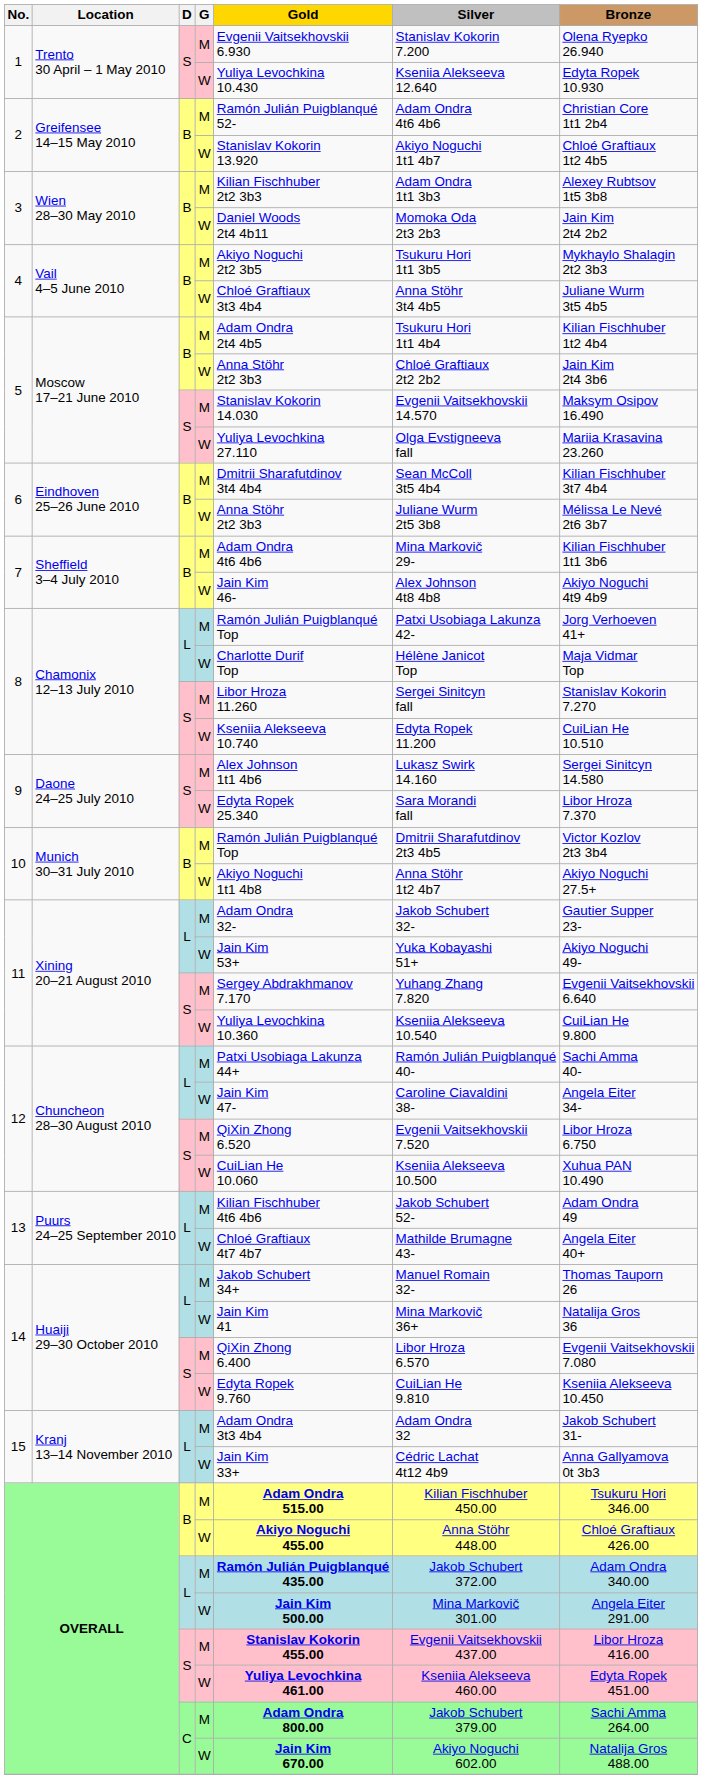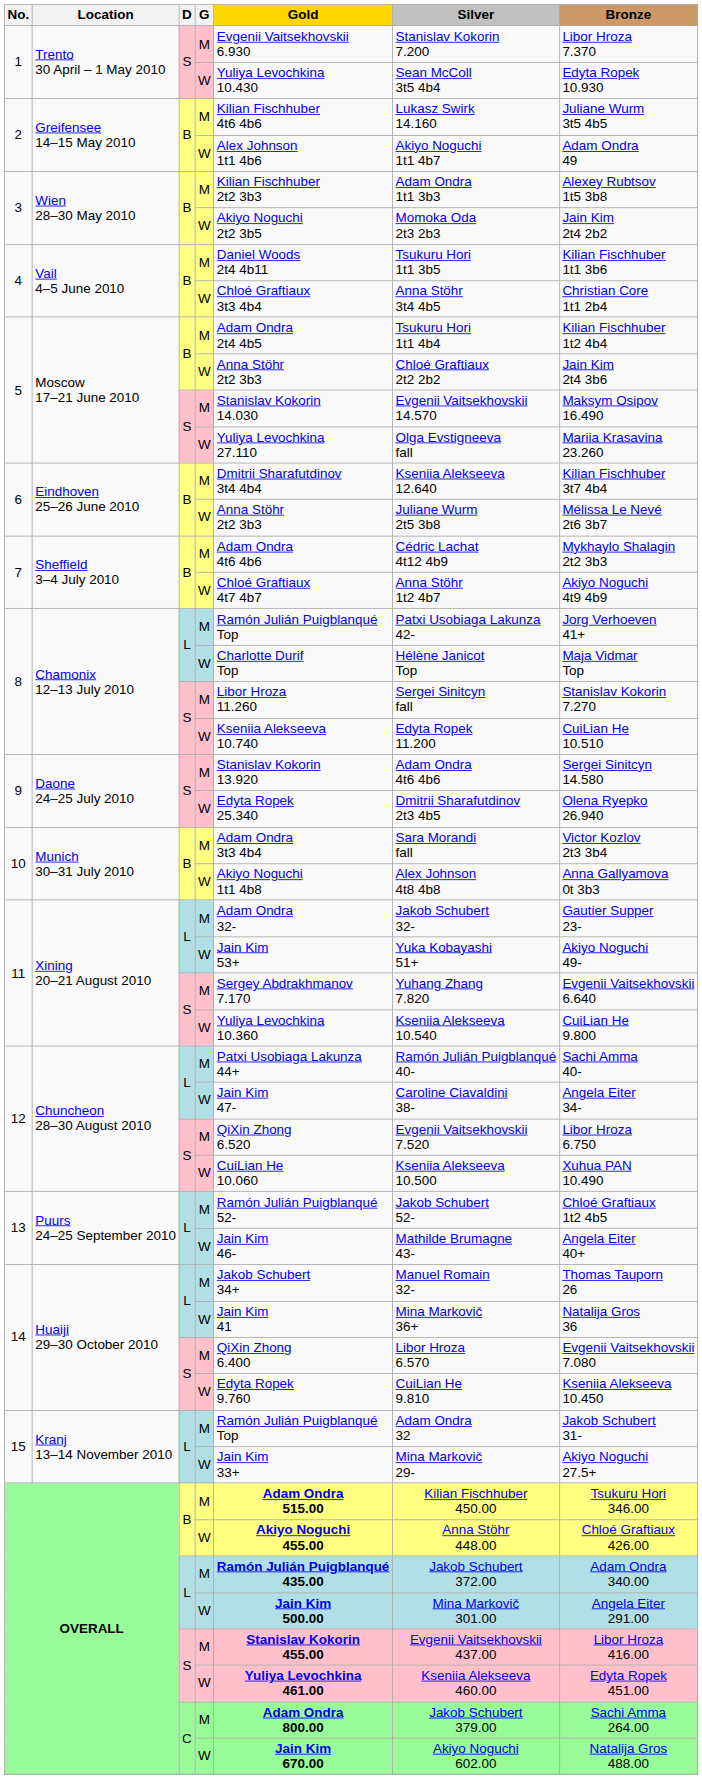 <table class="wikitable sortable">
 <tr>
 <th>No.</th>
 <th>Location</th>
 <th>D</th>
 <th>G</th>
 <th style="background: gold">Gold</th>
 <th style="background: silver">Silver</th>
 <th style="background: #cc9966">Bronze</th>
 </tr>
 <tr>
 <td rowspan=2 align="center">1</td>
 <td rowspan=2> <a href='#'>Trento</a> <br> 30 April – 1 May 2010</td>
 <td rowspan=2 align="center" style="background: Pink">S</td>
 <td align="center" style="background: Pink">M</td>
 <td> <a href='#'>Evgenii Vaitsekhovskii</a> <br> 6.930</td>
 <td> <a href='#'>Stanislav Kokorin</a> <br> 7.200</td>
-<td> <a href='#'>Olena Ryepko</a> <br> 26.940</td>
+<td> <a href='#'>Libor Hroza</a> <br> 7.370</td>
 </tr>
 <tr>
 <td align="center" style="background: Pink">W</td>
 <td> <a href='#'>Yuliya Levochkina</a> <br> 10.430</td>
-<td> <a href='#'>Kseniia Alekseeva</a> <br> 12.640</td>
+<td> <a href='#'>Sean McColl</a> <br> 3t5 4b4</td>
 <td> <a href='#'>Edyta Ropek</a> <br> 10.930</td>
 </tr>
 <tr>
 <td rowspan=2 align="center">2</td>
 <td rowspan=2> <a href='#'>Greifensee</a> <br> 14–15 May 2010</td>
 <td rowspan=2  align="center" style="background: #ffff80">B</td>
 <td align="center" style="background: #ffff80">M</td>
-<td> <a href='#'>Ramón Julián Puigblanqué</a> <br> 52-</td>
-<td> <a href='#'>Adam Ondra</a> <br> 4t6 4b6</td>
-<td> <a href='#'>Christian Core</a> <br> 1t1 2b4</td>
+<td> <a href='#'>Kilian Fischhuber</a> <br> 4t6 4b6</td>
+<td> <a href='#'>Lukasz Swirk</a> <br> 14.160</td>
+<td> <a href='#'>Juliane Wurm</a> <br> 3t5 4b5</td>
 </tr>
 <tr>
 <td align="center" style="background: #ffff80">W</td>
-<td> <a href='#'>Stanislav Kokorin</a> <br> 13.920</td>
+<td> <a href='#'>Alex Johnson</a> <br> 1t1 4b6</td>
 <td> <a href='#'>Akiyo Noguchi</a> <br> 1t1 4b7</td>
-<td> <a href='#'>Chloé Graftiaux</a> <br> 1t2 4b5</td>
+<td> <a href='#'>Adam Ondra</a> <br> 49</td>
 </tr>
 <tr>
 <td rowspan=2 align="center">3</td>
 <td rowspan=2> <a href='#'>Wien</a> <br> 28–30 May 2010</td>
 <td rowspan=2 align="center" style="background: #ffff80">B</td>
 <td align="center" style="background: #ffff80">M</td>
 <td> <a href='#'>Kilian Fischhuber</a> <br> 2t2 3b3</td>
 <td> <a href='#'>Adam Ondra</a> <br> 1t1 3b3</td>
 <td> <a href='#'>Alexey Rubtsov</a> <br> 1t5 3b8</td>
 </tr>
 <tr>
 <td align="center" style="background: #ffff80">W</td>
-<td> <a href='#'>Daniel Woods</a> <br> 2t4 4b11</td>
+<td> <a href='#'>Akiyo Noguchi</a> <br> 2t2 3b5</td>
 <td> <a href='#'>Momoka Oda</a> <br> 2t3 2b3</td>
 <td> <a href='#'>Jain Kim</a> <br> 2t4 2b2</td>
 </tr>
 <tr>
 <td rowspan=2 align="center">4</td>
 <td rowspan=2> <a href='#'>Vail</a> <br> 4–5 June 2010</td>
 <td rowspan=2 align="center" style="background: #ffff80">B</td>
 <td align="center" style="background: #ffff80">M</td>
-<td> <a href='#'>Akiyo Noguchi</a> <br> 2t2 3b5</td>
+<td> <a href='#'>Daniel Woods</a> <br> 2t4 4b11</td>
 <td> <a href='#'>Tsukuru Hori</a> <br> 1t1 3b5</td>
-<td> <a href='#'>Mykhaylo Shalagin</a> <br> 2t2 3b3</td>
+<td> <a href='#'>Kilian Fischhuber</a> <br> 1t1 3b6</td>
 </tr>
 <tr>
 <td align="center" style="background: #ffff80">W</td>
 <td> <a href='#'>Chloé Graftiaux</a> <br> 3t3 4b4</td>
 <td> <a href='#'>Anna Stöhr</a> <br> 3t4 4b5</td>
-<td> <a href='#'>Juliane Wurm</a> <br> 3t5 4b5</td>
+<td> <a href='#'>Christian Core</a> <br> 1t1 2b4</td>
 </tr>
 <tr>
 <td rowspan=4 align="center">5</td>
 <td rowspan=4> Moscow <br> 17–21 June 2010</td>
 <td rowspan=2  align="center" style="background: #ffff80">B</td>
 <td align="center" style="background: #ffff80">M</td>
 <td> <a href='#'>Adam Ondra</a> <br> 2t4 4b5</td>
 <td> <a href='#'>Tsukuru Hori</a> <br> 1t1 4b4</td>
 <td> <a href='#'>Kilian Fischhuber</a> <br> 1t2 4b4</td>
 </tr>
 <tr>
 <td align="center" style="background: #ffff80">W</td>
 <td> <a href='#'>Anna Stöhr</a> <br> 2t2 3b3</td>
 <td> <a href='#'>Chloé Graftiaux</a> <br> 2t2 2b2</td>
 <td> <a href='#'>Jain Kim</a> <br> 2t4 3b6</td>
 </tr>
 <tr>
 <td rowspan=2 align="center" style="background: Pink">S</td>
 <td align="center" style="background: Pink">M</td>
 <td> <a href='#'>Stanislav Kokorin</a> <br> 14.030</td>
 <td> <a href='#'>Evgenii Vaitsekhovskii</a> <br> 14.570</td>
 <td> <a href='#'>Maksym Osipov</a> <br> 16.490</td>
 </tr>
 <tr>
 <td align="center" style="background: Pink">W</td>
 <td> <a href='#'>Yuliya Levochkina</a> <br> 27.110</td>
 <td> <a href='#'>Olga Evstigneeva</a> <br> fall</td>
 <td> <a href='#'>Mariia Krasavina</a> <br> 23.260</td>
 </tr>
 <tr>
 <td rowspan=2 align="center">6</td>
 <td rowspan=2> <a href='#'>Eindhoven</a> <br> 25–26 June 2010</td>
 <td rowspan=2 align="center" style="background: #ffff80">B</td>
 <td align="center" style="background: #ffff80">M</td>
 <td> <a href='#'>Dmitrii Sharafutdinov</a> <br> 3t4 4b4</td>
-<td> <a href='#'>Sean McColl</a> <br> 3t5 4b4</td>
+<td> <a href='#'>Kseniia Alekseeva</a> <br> 12.640</td>
 <td> <a href='#'>Kilian Fischhuber</a> <br> 3t7 4b4</td>
 </tr>
 <tr>
 <td align="center" style="background: #ffff80">W</td>
 <td> <a href='#'>Anna Stöhr</a> <br> 2t2 3b3</td>
 <td> <a href='#'>Juliane Wurm</a> <br> 2t5 3b8</td>
 <td> <a href='#'>Mélissa Le Nevé</a> <br> 2t6 3b7</td>
 </tr>
 <tr>
 <td rowspan=2 align="center">7</td>
 <td rowspan=2> <a href='#'>Sheffield</a> <br> 3–4 July 2010</td>
 <td rowspan=2 align="center" style="background: #ffff80">B</td>
 <td align="center" style="background: #ffff80">M</td>
 <td> <a href='#'>Adam Ondra</a> <br> 4t6 4b6</td>
-<td> <a href='#'>Mina Markovič</a> <br> 29-</td>
-<td> <a href='#'>Kilian Fischhuber</a> <br> 1t1 3b6</td>
+<td> <a href='#'>Cédric Lachat</a> <br> 4t12 4b9</td>
+<td> <a href='#'>Mykhaylo Shalagin</a> <br> 2t2 3b3</td>
 </tr>
 <tr>
 <td align="center" style="background: #ffff80">W</td>
-<td> <a href='#'>Jain Kim</a> <br> 46-</td>
-<td> <a href='#'>Alex Johnson</a> <br> 4t8 4b8</td>
+<td> <a href='#'>Chloé Graftiaux</a> <br> 4t7 4b7</td>
+<td> <a href='#'>Anna Stöhr</a> <br> 1t2 4b7</td>
 <td> <a href='#'>Akiyo Noguchi</a> <br> 4t9 4b9</td>
 </tr>
 <tr>
 <td rowspan=4 align="center">8</td>
 <td rowspan=4> <a href='#'>Chamonix</a> <br> 12–13 July 2010</td>
 <td rowspan=2 align="center" style="background: PowderBlue">L</td>
 <td align="center" style="background: PowderBlue">M</td>
 <td> <a href='#'>Ramón Julián Puigblanqué</a> <br> Top</td>
 <td> <a href='#'>Patxi Usobiaga Lakunza</a> <br> 42-</td>
 <td> <a href='#'>Jorg Verhoeven</a> <br> 41+</td>
 </tr>
 <tr>
 <td align="center" style="background: PowderBlue">W</td>
 <td> <a href='#'>Charlotte Durif</a> <br> Top</td>
 <td> <a href='#'>Hélène Janicot</a> <br> Top</td>
 <td> <a href='#'>Maja Vidmar</a> <br> Top</td>
 </tr>
 <tr>
 <td rowspan=2 align="center" style="background: Pink">S</td>
 <td align="center" style="background: Pink">M</td>
 <td> <a href='#'>Libor Hroza</a> <br> 11.260</td>
 <td> <a href='#'>Sergei Sinitcyn</a> <br> fall</td>
 <td> <a href='#'>Stanislav Kokorin</a> <br> 7.270</td>
 </tr>
 <tr>
 <td align="center" style="background: Pink">W</td>
 <td> <a href='#'>Kseniia Alekseeva</a> <br> 10.740</td>
 <td> <a href='#'>Edyta Ropek</a> <br> 11.200</td>
 <td> <a href='#'>CuiLian He</a> <br> 10.510</td>
 </tr>
 <tr>
 <td rowspan=2 align="center">9</td>
 <td rowspan=2> <a href='#'>Daone</a> <br> 24–25 July 2010</td>
 <td rowspan=2 align="center" style="background: Pink">S</td>
 <td align="center" style="background: Pink">M</td>
-<td> <a href='#'>Alex Johnson</a> <br> 1t1 4b6</td>
-<td> <a href='#'>Lukasz Swirk</a> <br> 14.160</td>
+<td> <a href='#'>Stanislav Kokorin</a> <br> 13.920</td>
+<td> <a href='#'>Adam Ondra</a> <br> 4t6 4b6</td>
 <td> <a href='#'>Sergei Sinitcyn</a> <br> 14.580</td>
 </tr>
 <tr>
 <td align="center" style="background: Pink">W</td>
 <td> <a href='#'>Edyta Ropek</a> <br> 25.340</td>
-<td> <a href='#'>Sara Morandi</a> <br> fall</td>
-<td> <a href='#'>Libor Hroza</a> <br> 7.370</td>
+<td> <a href='#'>Dmitrii Sharafutdinov</a> <br> 2t3 4b5</td>
+<td> <a href='#'>Olena Ryepko</a> <br> 26.940</td>
 </tr>
 <tr>
 <td rowspan=2 align="center">10</td>
 <td rowspan=2> <a href='#'>Munich</a> <br> 30–31 July 2010</td>
 <td rowspan=2 align="center" style="background: #ffff80">B</td>
 <td align="center" style="background: #ffff80">M</td>
-<td> <a href='#'>Ramón Julián Puigblanqué</a> <br> Top</td>
-<td> <a href='#'>Dmitrii Sharafutdinov</a> <br> 2t3 4b5</td>
+<td> <a href='#'>Adam Ondra</a> <br> 3t3 4b4</td>
+<td> <a href='#'>Sara Morandi</a> <br> fall</td>
 <td> <a href='#'>Victor Kozlov</a> <br> 2t3 3b4</td>
 </tr>
 <tr>
 <td align="center" style="background: #ffff80">W</td>
 <td> <a href='#'>Akiyo Noguchi</a> <br> 1t1 4b8</td>
-<td> <a href='#'>Anna Stöhr</a> <br> 1t2 4b7</td>
-<td> <a href='#'>Akiyo Noguchi</a> <br> 27.5+</td>
+<td> <a href='#'>Alex Johnson</a> <br> 4t8 4b8</td>
+<td> <a href='#'>Anna Gallyamova</a> <br> 0t 3b3</td>
 </tr>
 <tr>
 <td rowspan=4 align="center">11</td>
 <td rowspan=4> <a href='#'>Xining</a> <br> 20–21 August 2010</td>
 <td rowspan=2 align="center" style="background: PowderBlue">L</td>
 <td align="center" style="background: PowderBlue">M</td>
 <td> <a href='#'>Adam Ondra</a> <br> 32-</td>
 <td> <a href='#'>Jakob Schubert</a> <br> 32-</td>
 <td> <a href='#'>Gautier Supper</a> <br> 23-</td>
 </tr>
 <tr>
 <td align="center" style="background: PowderBlue">W</td>
 <td> <a href='#'>Jain Kim</a> <br> 53+</td>
 <td> <a href='#'>Yuka Kobayashi</a> <br> 51+</td>
 <td> <a href='#'>Akiyo Noguchi</a> <br> 49-</td>
 </tr>
 <tr>
 <td rowspan=2 align="center" style="background: Pink">S</td>
 <td align="center" style="background: Pink">M</td>
 <td> <a href='#'>Sergey Abdrakhmanov</a> <br> 7.170</td>
 <td> <a href='#'>Yuhang Zhang</a> <br> 7.820</td>
 <td> <a href='#'>Evgenii Vaitsekhovskii</a> <br> 6.640</td>
 </tr>
 <tr>
 <td align="center" style="background: Pink">W</td>
 <td> <a href='#'>Yuliya Levochkina</a> <br> 10.360</td>
 <td> <a href='#'>Kseniia Alekseeva</a> <br> 10.540</td>
 <td> <a href='#'>CuiLian He</a> <br> 9.800</td>
 </tr>
 <tr>
 <td rowspan=4 align="center">12</td>
 <td rowspan=4> <a href='#'>Chuncheon</a> <br> 28–30 August 2010</td>
 <td rowspan=2 align="center" style="background: PowderBlue">L</td>
 <td align="center" style="background: PowderBlue">M</td>
 <td> <a href='#'>Patxi Usobiaga Lakunza</a> <br> 44+</td>
 <td> <a href='#'>Ramón Julián Puigblanqué</a> <br> 40-</td>
 <td> <a href='#'>Sachi Amma</a> <br> 40-</td>
 </tr>
 <tr>
 <td align="center" style="background: PowderBlue">W</td>
 <td> <a href='#'>Jain Kim</a> <br> 47-</td>
 <td> <a href='#'>Caroline Ciavaldini</a> <br> 38-</td>
 <td> <a href='#'>Angela Eiter</a> <br> 34-</td>
 </tr>
 <tr>
 <td rowspan=2 align="center" style="background: Pink">S</td>
 <td align="center" style="background: Pink">M</td>
 <td> <a href='#'>QiXin Zhong</a> <br> 6.520</td>
 <td> <a href='#'>Evgenii Vaitsekhovskii</a> <br> 7.520</td>
 <td> <a href='#'>Libor Hroza</a> <br> 6.750</td>
 </tr>
 <tr>
 <td align="center" style="background: Pink">W</td>
 <td> <a href='#'>CuiLian He</a> <br> 10.060</td>
 <td> <a href='#'>Kseniia Alekseeva</a> <br> 10.500</td>
 <td> <a href='#'>Xuhua PAN</a> <br> 10.490</td>
 </tr>
 <tr>
 <td rowspan=2 align="center">13</td>
 <td rowspan=2> <a href='#'>Puurs</a> <br> 24–25 September 2010</td>
 <td rowspan=2 align="center" style="background: PowderBlue">L</td>
 <td align="center" style="background: PowderBlue">M</td>
-<td> <a href='#'>Kilian Fischhuber</a> <br> 4t6 4b6</td>
+<td> <a href='#'>Ramón Julián Puigblanqué</a> <br> 52-</td>
 <td> <a href='#'>Jakob Schubert</a> <br> 52-</td>
-<td> <a href='#'>Adam Ondra</a> <br> 49</td>
+<td> <a href='#'>Chloé Graftiaux</a> <br> 1t2 4b5</td>
 </tr>
 <tr>
 <td align="center" style="background: PowderBlue">W</td>
-<td> <a href='#'>Chloé Graftiaux</a> <br> 4t7 4b7</td>
+<td> <a href='#'>Jain Kim</a> <br> 46-</td>
 <td> <a href='#'>Mathilde Brumagne</a> <br> 43-</td>
 <td> <a href='#'>Angela Eiter</a> <br> 40+</td>
 </tr>
 <tr>
 <td rowspan=4 align="center">14</td>
 <td rowspan=4> <a href='#'>Huaiji</a> <br> 29–30 October 2010</td>
 <td rowspan=2 align="center" style="background: PowderBlue">L</td>
 <td align="center" style="background: PowderBlue">M</td>
 <td> <a href='#'>Jakob Schubert</a> <br> 34+</td>
 <td> <a href='#'>Manuel Romain</a> <br> 32-</td>
 <td> <a href='#'>Thomas Tauporn</a> <br> 26</td>
 </tr>
 <tr>
 <td align="center" style="background: PowderBlue">W</td>
 <td> <a href='#'>Jain Kim</a> <br>  41</td>
 <td> <a href='#'>Mina Markovič</a> <br> 36+</td>
 <td> <a href='#'>Natalija Gros</a> <br> 36</td>
 </tr>
 <tr>
 <td rowspan=2 align="center" style="background: Pink">S</td>
 <td align="center" style="background: Pink">M</td>
 <td> <a href='#'>QiXin Zhong</a> <br> 6.400</td>
 <td> <a href='#'>Libor Hroza</a> <br> 6.570</td>
 <td> <a href='#'>Evgenii Vaitsekhovskii</a> <br> 7.080</td>
 </tr>
 <tr>
 <td align="center" style="background: Pink">W</td>
 <td> <a href='#'>Edyta Ropek</a> <br> 9.760</td>
 <td> <a href='#'>CuiLian He</a> <br> 9.810</td>
 <td> <a href='#'>Kseniia Alekseeva</a> <br> 10.450</td>
 </tr>
 <tr>
 <td rowspan=2 align="center">15</td>
 <td rowspan=2> <a href='#'>Kranj</a> <br> 13–14 November 2010</td>
 <td rowspan=2 align="center" style="background: PowderBlue">L</td>
 <td align="center" style="background: PowderBlue">M</td>
-<td> <a href='#'>Adam Ondra</a> <br> 3t3 4b4</td>
+<td> <a href='#'>Ramón Julián Puigblanqué</a> <br> Top</td>
 <td> <a href='#'>Adam Ondra</a> <br> 32</td>
 <td> <a href='#'>Jakob Schubert</a> <br> 31-</td>
 </tr>
 <tr>
 <td align="center" style="background: PowderBlue">W</td>
 <td> <a href='#'>Jain Kim</a> <br>  33+</td>
-<td> <a href='#'>Cédric Lachat</a> <br> 4t12 4b9</td>
-<td> <a href='#'>Anna Gallyamova</a> <br> 0t 3b3</td>
+<td> <a href='#'>Mina Markovič</a> <br> 29-</td>
+<td> <a href='#'>Akiyo Noguchi</a> <br> 27.5+</td>
 </tr>
 <tr>
 <td align="center" style="background:#98FB98" colspan=2 rowspan=8><strong>OVERALL</strong></td>
 <td rowspan=2 align="center" style="background: #ffff80">B</td>
 <td align="center" style="background: #ffff80">M</td>
 <td align="center" style="background: #ffff80"><strong> <a href='#'>Adam Ondra</a> <br> 515.00</strong></td>
 <td align="center" style="background: #ffff80"> <a href='#'>Kilian Fischhuber</a> <br> 450.00</td>
 <td align="center" style="background: #ffff80"> <a href='#'>Tsukuru Hori</a> <br> 346.00</td>
 </tr>
 <tr>
 <td align="center" style="background: #ffff80">W</td>
 <td align="center" style="background: #ffff80"><strong> <a href='#'>Akiyo Noguchi</a> <br> 455.00</strong></td>
 <td align="center" style="background: #ffff80"> <a href='#'>Anna Stöhr</a> <br> 448.00</td>
 <td align="center" style="background: #ffff80"> <a href='#'>Chloé Graftiaux</a> <br> 426.00</td>
 </tr>
 <tr>
 <td rowspan=2 align="center" style="background: PowderBlue">L</td>
 <td align="center" style="background: PowderBlue">M</td>
 <td align="center" style="background: PowderBlue"><strong> <a href='#'>Ramón Julián Puigblanqué</a> <br> 435.00</strong></td>
 <td align="center" style="background: PowderBlue"> <a href='#'>Jakob Schubert</a> <br> 372.00</td>
 <td align="center" style="background: PowderBlue"> <a href='#'>Adam Ondra</a> <br> 340.00</td>
 </tr>
 <tr>
 <td align="center" style="background: PowderBlue">W</td>
 <td align="center" style="background: PowderBlue"><strong> <a href='#'>Jain Kim</a> <br> 500.00</strong></td>
 <td align="center" style="background: PowderBlue"> <a href='#'>Mina Markovič</a> <br> 301.00</td>
 <td align="center" style="background: PowderBlue"> <a href='#'>Angela Eiter</a> <br> 291.00</td>
 </tr>
 <tr>
 <td rowspan=2 align="center" style="background: Pink">S</td>
 <td align="center" style="background: Pink">M</td>
 <td align="center" style="background: Pink"><strong> <a href='#'>Stanislav Kokorin</a> <br> 455.00</strong></td>
 <td align="center" style="background: Pink"> <a href='#'>Evgenii Vaitsekhovskii</a> <br> 437.00</td>
 <td align="center" style="background: Pink"> <a href='#'>Libor Hroza</a> <br> 416.00</td>
 </tr>
 <tr>
 <td align="center" style="background: Pink">W</td>
 <td align="center" style="background: Pink"><strong> <a href='#'>Yuliya Levochkina</a> <br> 461.00</strong></td>
 <td align="center" style="background: Pink"> <a href='#'>Kseniia Alekseeva</a> <br> 460.00</td>
 <td align="center" style="background: Pink"> <a href='#'>Edyta Ropek</a> <br> 451.00</td>
 </tr>
 <tr>
 <td rowspan=2 align="center" style="background:#98FB98">C</td>
 <td align="center" style="background:#98FB98">M</td>
 <td align="center" style="background:#98FB98"><strong> <a href='#'>Adam Ondra</a> <br> 800.00</strong></td>
 <td align="center" style="background:#98FB98"> <a href='#'>Jakob Schubert</a> <br> 379.00</td>
 <td align="center" style="background:#98FB98"> <a href='#'>Sachi Amma</a> <br> 264.00</td>
 </tr>
 <tr>
 <td align="center" style="background:#98FB98">W</td>
 <td align="center" style="background:#98FB98"><strong> <a href='#'>Jain Kim</a> <br> 670.00</strong></td>
 <td align="center" style="background:#98FB98"> <a href='#'>Akiyo Noguchi</a> <br> 602.00</td>
 <td align="center" style="background:#98FB98"> <a href='#'>Natalija Gros</a> <br> 488.00</td>
 </tr>
 <tr>
 </tr>
 </table>
